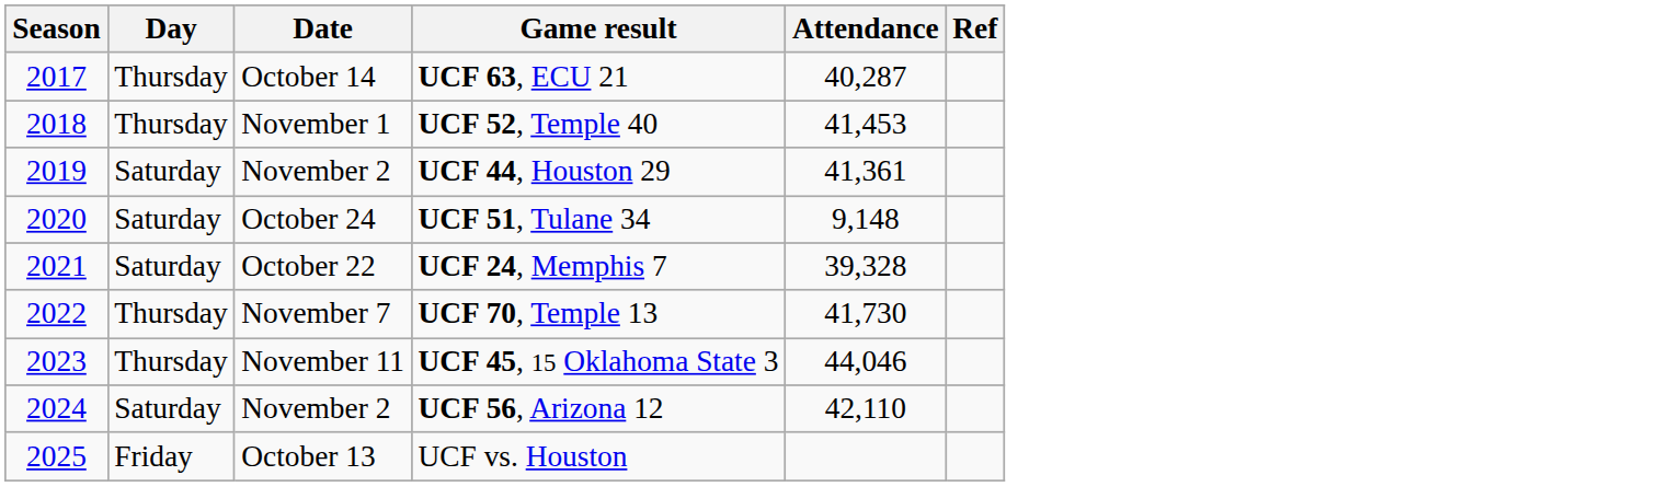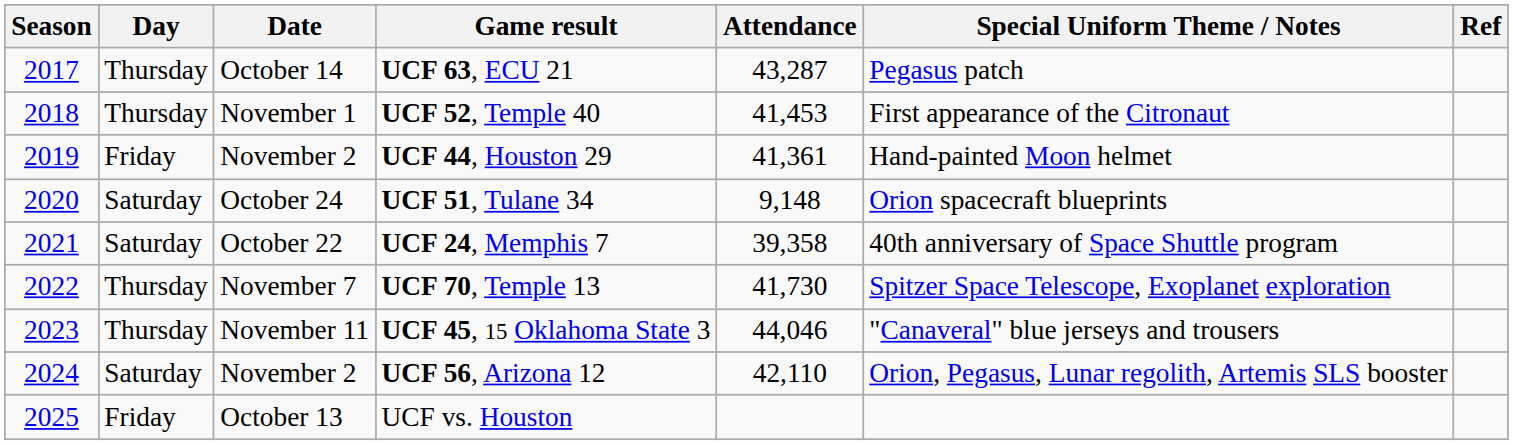 <table class="wikitable">
 <tr>
 <th>Season</th>
 <th>Day</th>
 <th>Date</th>
 <th>Game result</th>
 <th>Attendance</th>
+<th>Special Uniform Theme / Notes</th>
 <th>Ref</th>
 </tr>
 <tr>
 <td align="center"><a href='#'>2017</a></td>
 <td>Thursday</td>
 <td>October 14</td>
 <td> <strong>UCF 63</strong>, <a href='#'>ECU</a> 21</td>
-<td align="center">40,287</td>
+<td align="center">43,287</td>
+<td><a href='#'>Pegasus</a> patch</td>
 <td align="center"></td>
 </tr>
 <tr>
 <td align="center"><a href='#'>2018</a></td>
 <td>Thursday</td>
 <td>November 1</td>
 <td> <strong>UCF 52</strong>, <a href='#'>Temple</a> 40</td>
 <td align="center">41,453</td>
+<td>First appearance of the <a href='#'>Citronaut</a></td>
 <td align="center"></td>
 </tr>
 <tr>
 <td align="center"><a href='#'>2019</a></td>
-<td>Saturday</td>
+<td>Friday</td>
 <td>November 2</td>
 <td><strong>UCF 44</strong>, <a href='#'>Houston</a> 29</td>
 <td align="center">41,361</td>
+<td>Hand-painted <a href='#'>Moon</a> helmet</td>
 <td align="center"></td>
 </tr>
 <tr>
 <td align="center"><a href='#'>2020</a></td>
 <td>Saturday</td>
 <td>October 24</td>
 <td><strong>UCF 51</strong>, <a href='#'>Tulane</a> 34</td>
 <td align="center">9,148</td>
+<td><a href='#'>Orion</a> spacecraft blueprints</td>
 <td align="center"></td>
 </tr>
 <tr>
 <td align="center"><a href='#'>2021</a></td>
 <td>Saturday</td>
 <td>October 22</td>
 <td><strong>UCF 24</strong>, <a href='#'>Memphis</a> 7</td>
-<td align="center">39,328</td>
+<td align="center">39,358</td>
+<td>40th anniversary of <a href='#'>Space Shuttle</a> program</td>
 <td align="center"></td>
 </tr>
 <tr>
 <td align="center"><a href='#'>2022</a></td>
 <td>Thursday</td>
 <td>November 7</td>
 <td><strong>UCF 70</strong>, <a href='#'>Temple</a> 13</td>
 <td align="center">41,730</td>
+<td><a href='#'>Spitzer Space Telescope</a>, <a href='#'>Exoplanet</a> <a href='#'>exploration</a></td>
 <td align="center"></td>
 </tr>
 <tr>
 <td align="center"><a href='#'>2023</a></td>
 <td>Thursday</td>
 <td>November 11</td>
 <td><strong>UCF 45</strong>, <small>15</small> <a href='#'>Oklahoma State</a> 3</td>
 <td align="center">44,046</td>
+<td>"<a href='#'>Canaveral</a>" blue jerseys and trousers</td>
 <td align="center"></td>
 </tr>
 <tr>
 <td align="center"><a href='#'>2024</a></td>
 <td>Saturday</td>
 <td>November 2</td>
 <td><strong>UCF 56</strong>, <a href='#'>Arizona</a> 12</td>
 <td align="center">42,110</td>
+<td><a href='#'>Orion</a>, <a href='#'>Pegasus</a>, <a href='#'>Lunar regolith</a>, <a href='#'>Artemis</a> <a href='#'>SLS</a> booster</td>
 <td align="center"></td>
 </tr>
 <tr>
 <td align="center"><a href='#'>2025</a></td>
 <td>Friday</td>
 <td>October 13</td>
 <td>UCF vs. <a href='#'>Houston</a></td>
 <td align="center"></td>
+<td></td>
 <td align="center"></td>
 </tr>
 </table>
